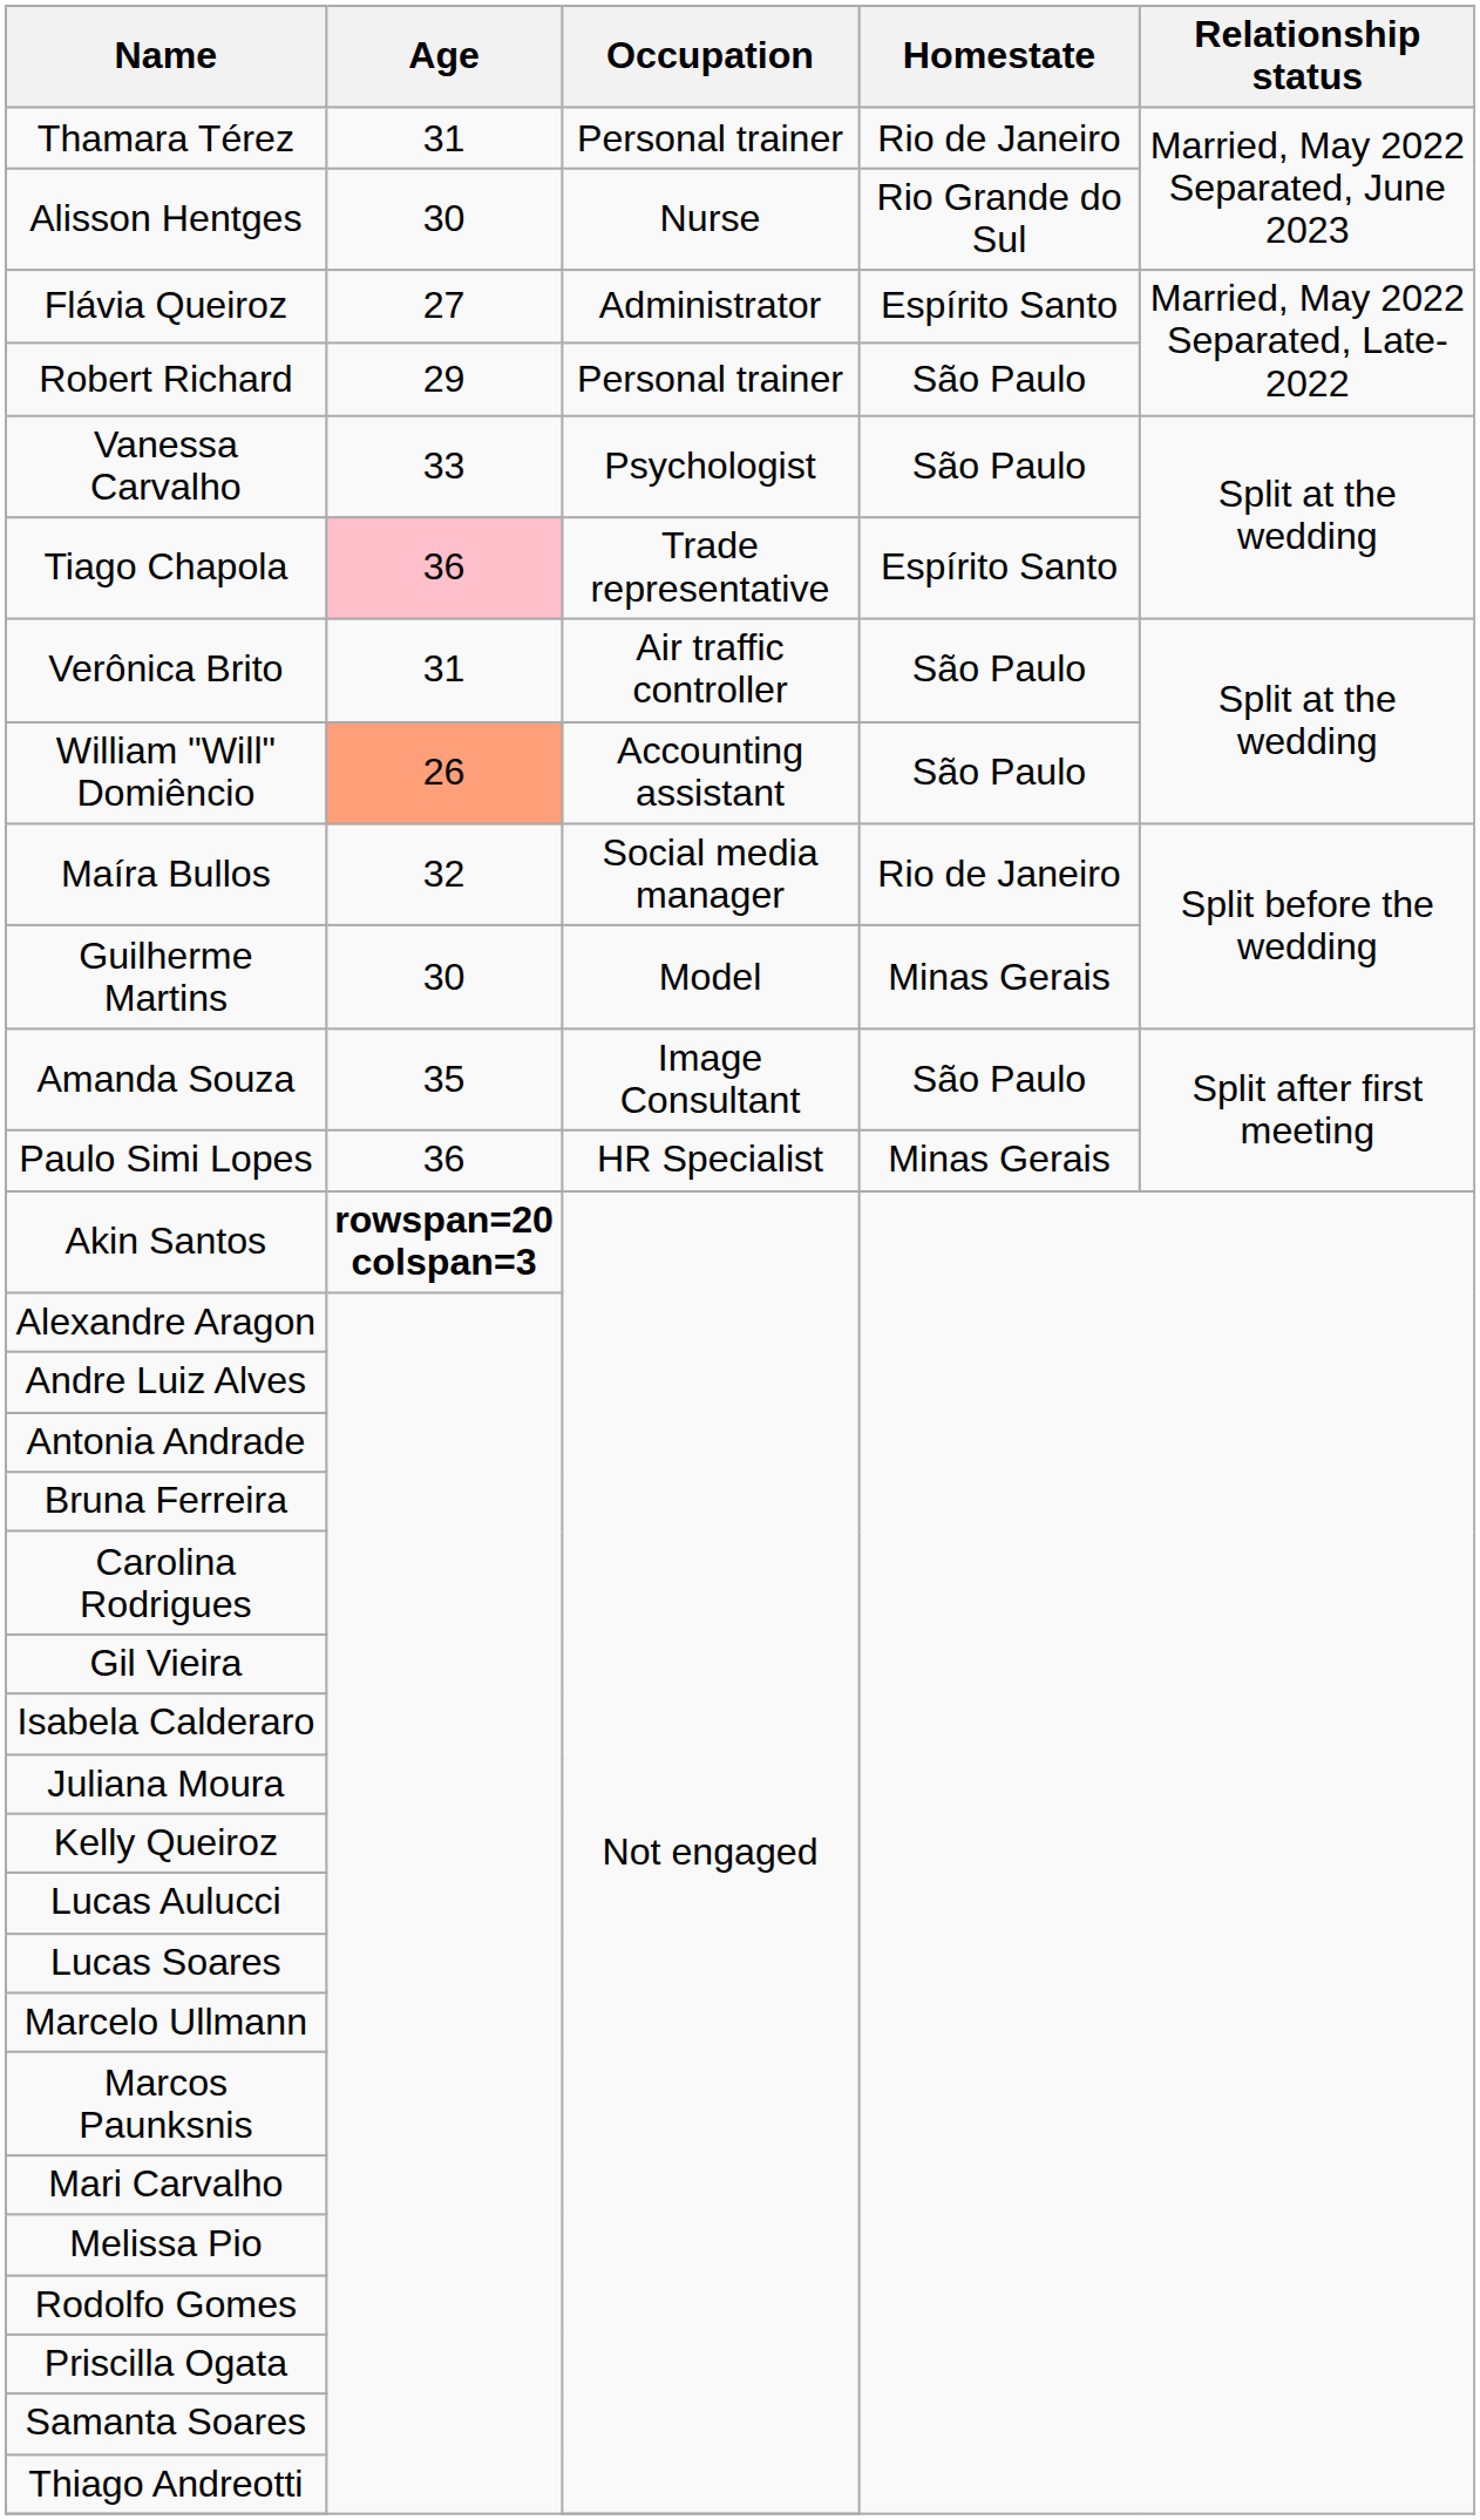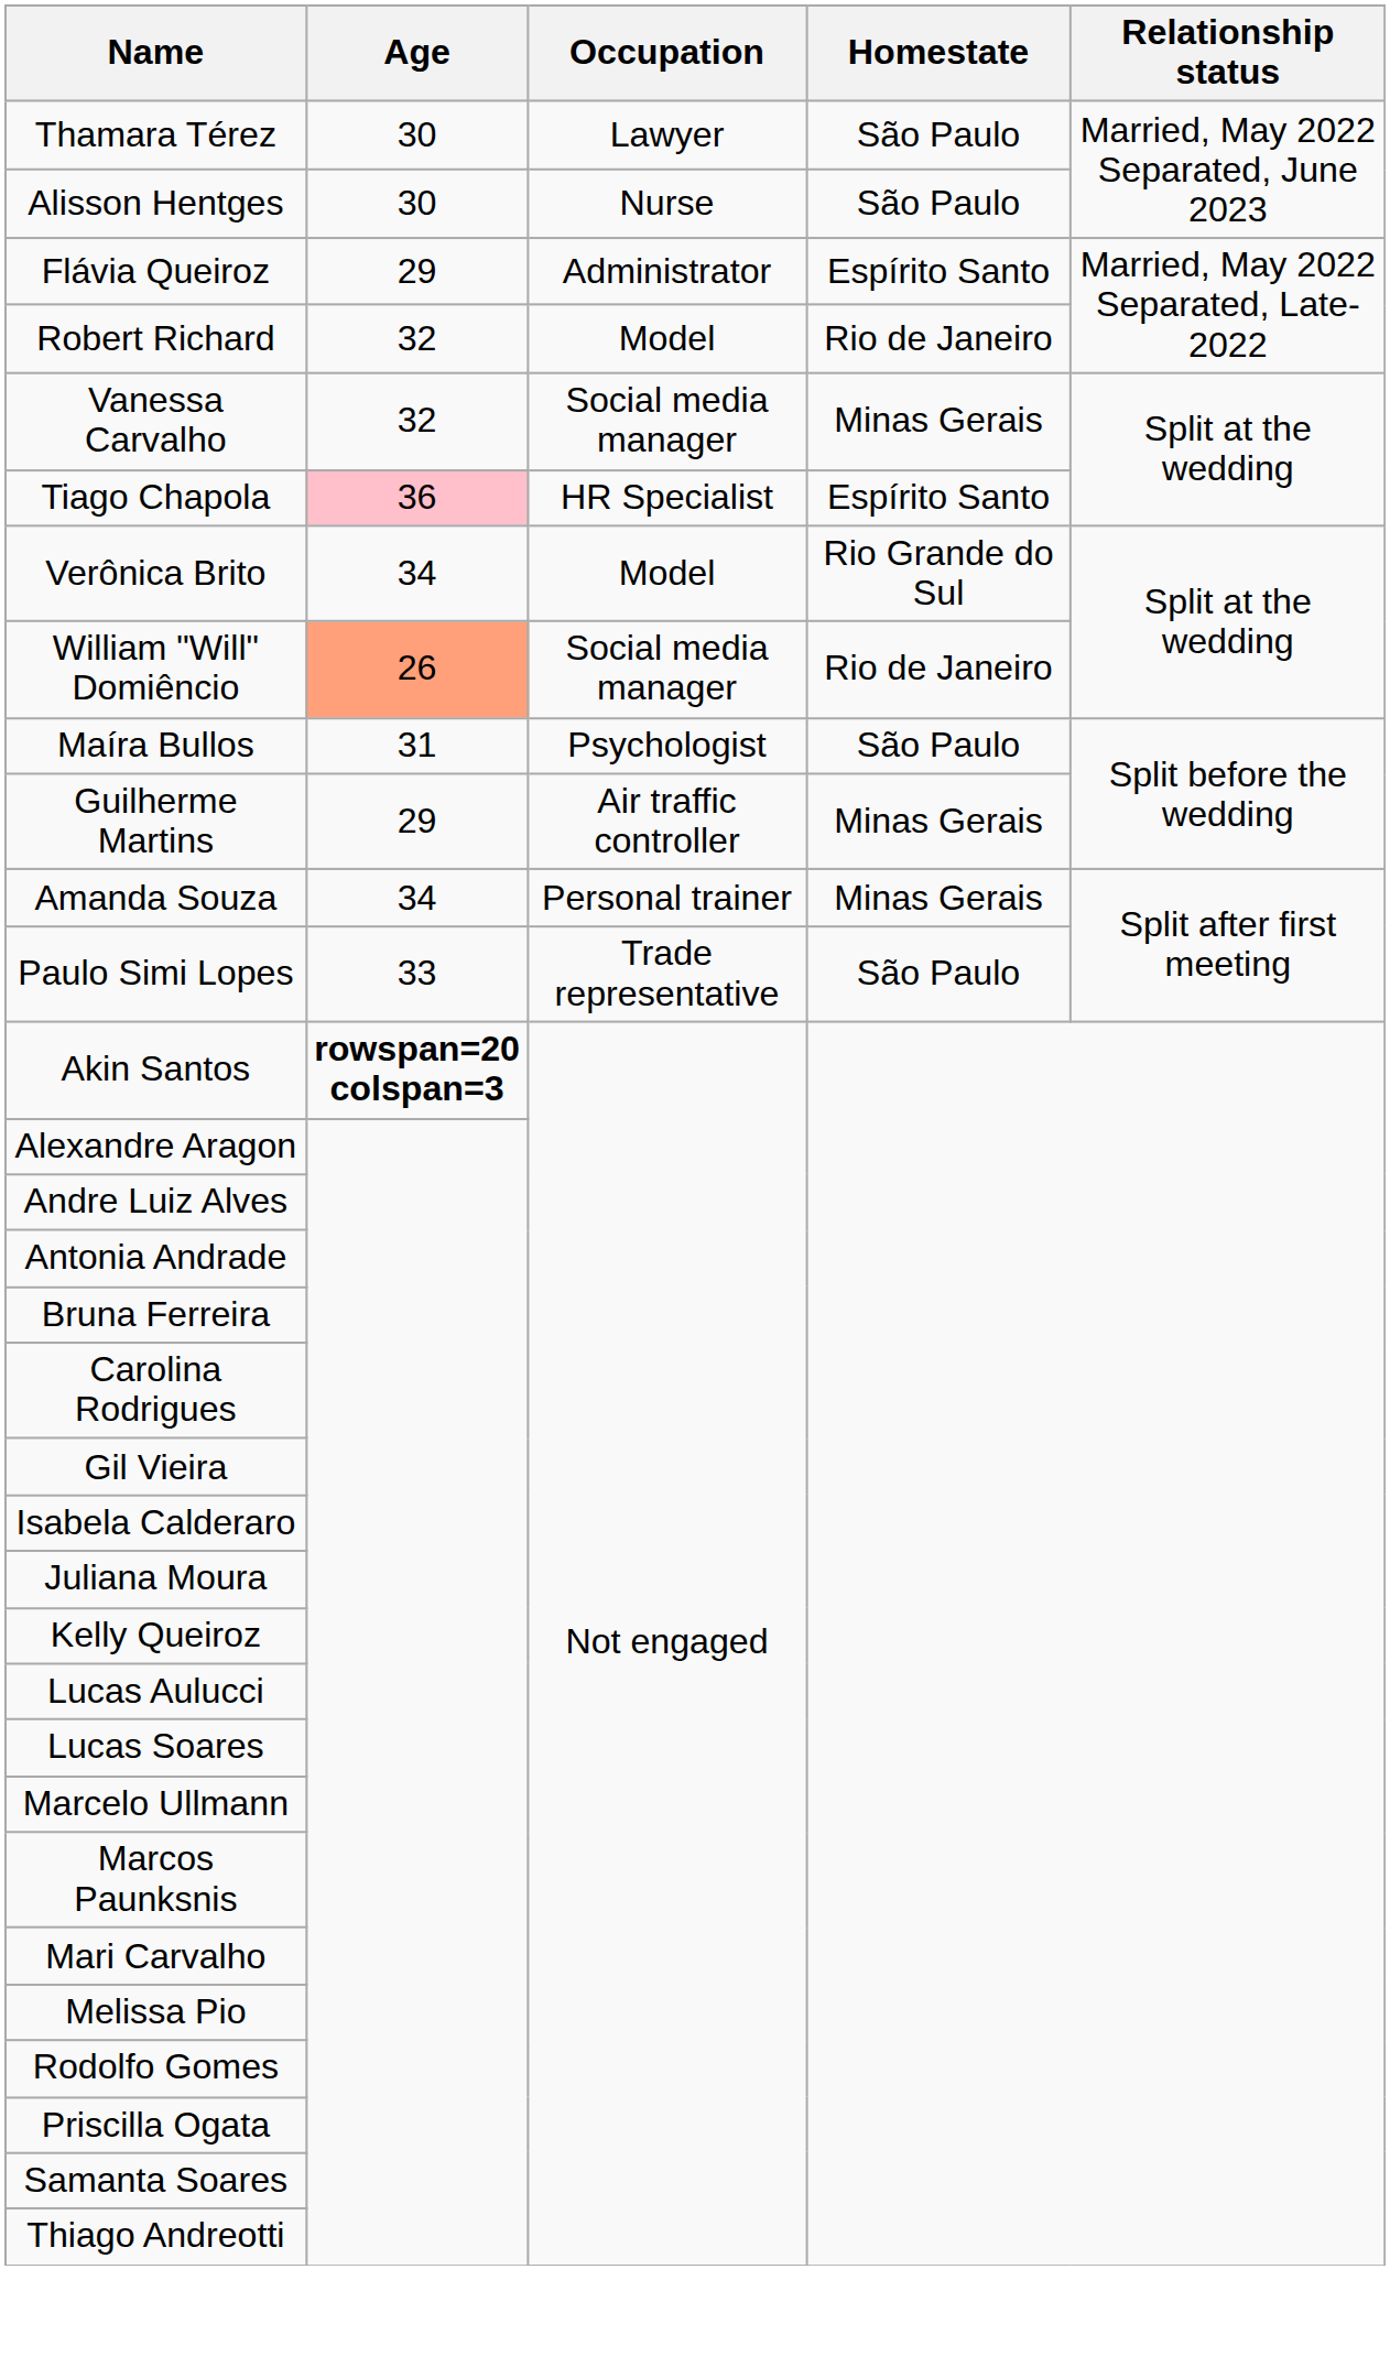 <table class="wikitable sortable"  style="text-align:center;margin:1em auto;">
 <tr>
 <th width=150>Name</th>
 <th width=050>Age</th>
 <th width=125>Occupation</th>
 <th width=125>Homestate</th>
 <th width=150>Relationship status</th>
 </tr>
 <tr>
 <td>Thamara Térez</td>
-<td>31</td>
-<td>Personal trainer</td>
-<td>Rio de Janeiro</td>
+<td>30</td>
+<td>Lawyer</td>
+<td>São Paulo</td>
 <td rowspan=2>Married, May 2022<br>Separated, June 2023</td>
 </tr>
 <tr>
 <td>Alisson Hentges</td>
 <td>30</td>
 <td>Nurse</td>
-<td>Rio Grande do Sul</td>
+<td>São Paulo</td>
 </tr>
 <tr>
 <td>Flávia Queiroz</td>
-<td>27</td>
+<td>29</td>
 <td>Administrator</td>
 <td>Espírito Santo</td>
 <td rowspan=2>Married, May 2022<br>Separated, Late-2022</td>
 </tr>
 <tr>
 <td>Robert Richard</td>
-<td>29</td>
-<td>Personal trainer</td>
-<td>São Paulo</td>
+<td>32</td>
+<td>Model</td>
+<td>Rio de Janeiro</td>
 </tr>
 <tr>
 <td>Vanessa Carvalho</td>
-<td>33</td>
-<td>Psychologist</td>
-<td>São Paulo</td>
+<td>32</td>
+<td>Social media manager</td>
+<td>Minas Gerais</td>
 <td rowspan=2>Split at the wedding</td>
 </tr>
 <tr>
 <td>Tiago Chapola</td>
 <td style="background: pink;">36</td>
-<td>Trade representative</td>
+<td>HR Specialist</td>
 <td>Espírito Santo</td>
 </tr>
 <tr>
 <td>Verônica Brito</td>
-<td>31</td>
-<td>Air traffic controller</td>
-<td>São Paulo</td>
+<td>34</td>
+<td>Model</td>
+<td>Rio Grande do Sul</td>
 <td rowspan=2>Split at the wedding</td>
 </tr>
 <tr>
 <td>William "Will" Domiêncio</td>
 <td style="background: lightsalmon;">26</td>
-<td>Accounting assistant</td>
-<td>São Paulo</td>
+<td>Social media manager</td>
+<td>Rio de Janeiro</td>
 </tr>
 <tr>
 <td>Maíra Bullos</td>
-<td>32</td>
-<td>Social media manager</td>
-<td>Rio de Janeiro</td>
+<td>31</td>
+<td>Psychologist</td>
+<td>São Paulo</td>
 <td rowspan=2>Split before the wedding</td>
 </tr>
 <tr>
 <td>Guilherme Martins</td>
-<td>30</td>
-<td>Model</td>
+<td>29</td>
+<td>Air traffic controller</td>
 <td>Minas Gerais</td>
 </tr>
 <tr>
 <td>Amanda Souza</td>
-<td>35</td>
-<td>Image Consultant</td>
-<td>São Paulo</td>
+<td>34</td>
+<td>Personal trainer</td>
+<td>Minas Gerais</td>
 <td rowspan=2>Split after first meeting</td>
 </tr>
 <tr>
 <td>Paulo Simi Lopes</td>
-<td>36</td>
-<td>HR Specialist</td>
-<td>Minas Gerais</td>
+<td>33</td>
+<td>Trade representative</td>
+<td>São Paulo</td>
 </tr>
 <tr>
 <td>Akin Santos</td>
 <td><strong>rowspan=20 colspan=3 </strong></td>
 <td rowspan=20>Not engaged</td>
 </tr>
 <tr>
 <td>Alexandre Aragon</td>
 </tr>
 <tr>
 <td>Andre Luiz Alves</td>
 </tr>
 <tr>
 <td>Antonia Andrade</td>
 </tr>
 <tr>
 <td>Bruna Ferreira</td>
 </tr>
 <tr>
 <td>Carolina Rodrigues</td>
 </tr>
 <tr>
 <td>Gil Vieira</td>
 </tr>
 <tr>
 <td>Isabela Calderaro</td>
 </tr>
 <tr>
 <td>Juliana Moura</td>
 </tr>
 <tr>
 <td>Kelly Queiroz</td>
 </tr>
 <tr>
 <td>Lucas Aulucci</td>
 </tr>
 <tr>
 <td>Lucas Soares</td>
 </tr>
 <tr>
 <td>Marcelo Ullmann</td>
 </tr>
 <tr>
 <td>Marcos Paunksnis</td>
 </tr>
 <tr>
 <td>Mari Carvalho</td>
 </tr>
 <tr>
 <td>Melissa Pio</td>
 </tr>
 <tr>
 <td>Rodolfo Gomes</td>
 </tr>
 <tr>
 <td>Priscilla Ogata</td>
 </tr>
 <tr>
 <td>Samanta Soares</td>
 </tr>
 <tr>
 <td>Thiago Andreotti</td>
 </tr>
 <tr>
 </tr>
 </table>
